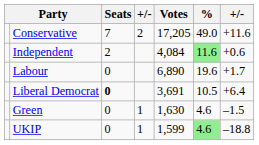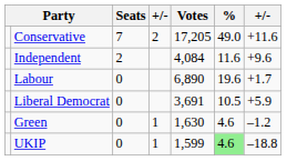 <table class="wikitable sortable">
 <tr>
 <th colspan="2">Party</th>
 <th>Seats</th>
 <th>+/-</th>
 <th>Votes</th>
 <th>%</th>
 <th>+/-</th>
 </tr>
 <tr>
 <td style="background-color: "></td>
 <td><a href='#'>Conservative</a></td>
 <td>7</td>
 <td> 2</td>
 <td>17,205</td>
 <td>49.0</td>
 <td><span>+11.6</span></td>
 </tr>
 <tr>
 <td style="background-color: "></td>
 <td><a href='#'>Independent</a></td>
 <td>2</td>
 <td></td>
 <td>4,084</td>
-<td style="background: lightgreen;">11.6</td>
-<td><span>+0.6</span></td>
+<td>11.6</td>
+<td><span>+9.6</span></td>
 </tr>
 <tr>
 <td style="background-color: "></td>
 <td><a href='#'>Labour</a></td>
 <td>0</td>
 <td></td>
 <td>6,890</td>
 <td>19.6</td>
 <td><span>+1.7</span></td>
 </tr>
 <tr>
 <td style="background-color: "></td>
 <td><a href='#'>Liberal Democrat</a></td>
-<td><strong>0</strong></td>
+<td>0</td>
 <td></td>
 <td>3,691</td>
 <td>10.5</td>
-<td><span>+6.4</span></td>
+<td><span>+5.9</span></td>
 </tr>
 <tr>
 <td style="background-color: "></td>
 <td><a href='#'>Green</a></td>
 <td>0</td>
 <td> 1</td>
 <td>1,630</td>
 <td>4.6</td>
-<td><span>–1.5</span></td>
+<td><span>–1.2</span></td>
 </tr>
 <tr>
 <td style="background-color: "></td>
 <td><a href='#'>UKIP</a></td>
 <td>0</td>
 <td> 1</td>
 <td>1,599</td>
 <td style="background: lightgreen;">4.6</td>
 <td><span>–18.8</span></td>
 </tr>
 </table>
